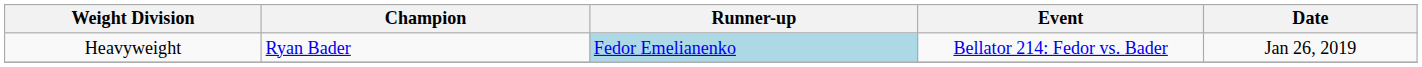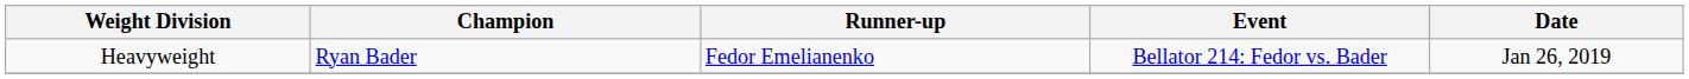 <table class="wikitable" width="99%" style="text-align:center;">
 <tr>
 <th width="18%">Weight Division</th>
 <th width="23%">Champion</th>
 <th width="23%">Runner-up</th>
 <th width="20%">Event</th>
 <th width="15%">Date</th>
 </tr>
 <tr>
 <td>Heavyweight</td>
 <td align=left> <a href='#'>Ryan Bader</a></td>
-<td align=left style="background: lightblue;"> <a href='#'>Fedor Emelianenko</a></td>
+<td align=left> <a href='#'>Fedor Emelianenko</a></td>
 <td><a href='#'>Bellator 214: Fedor vs. Bader</a></td>
 <td>Jan 26, 2019</td>
 </tr>
 <tr>
 </tr>
 </table>
